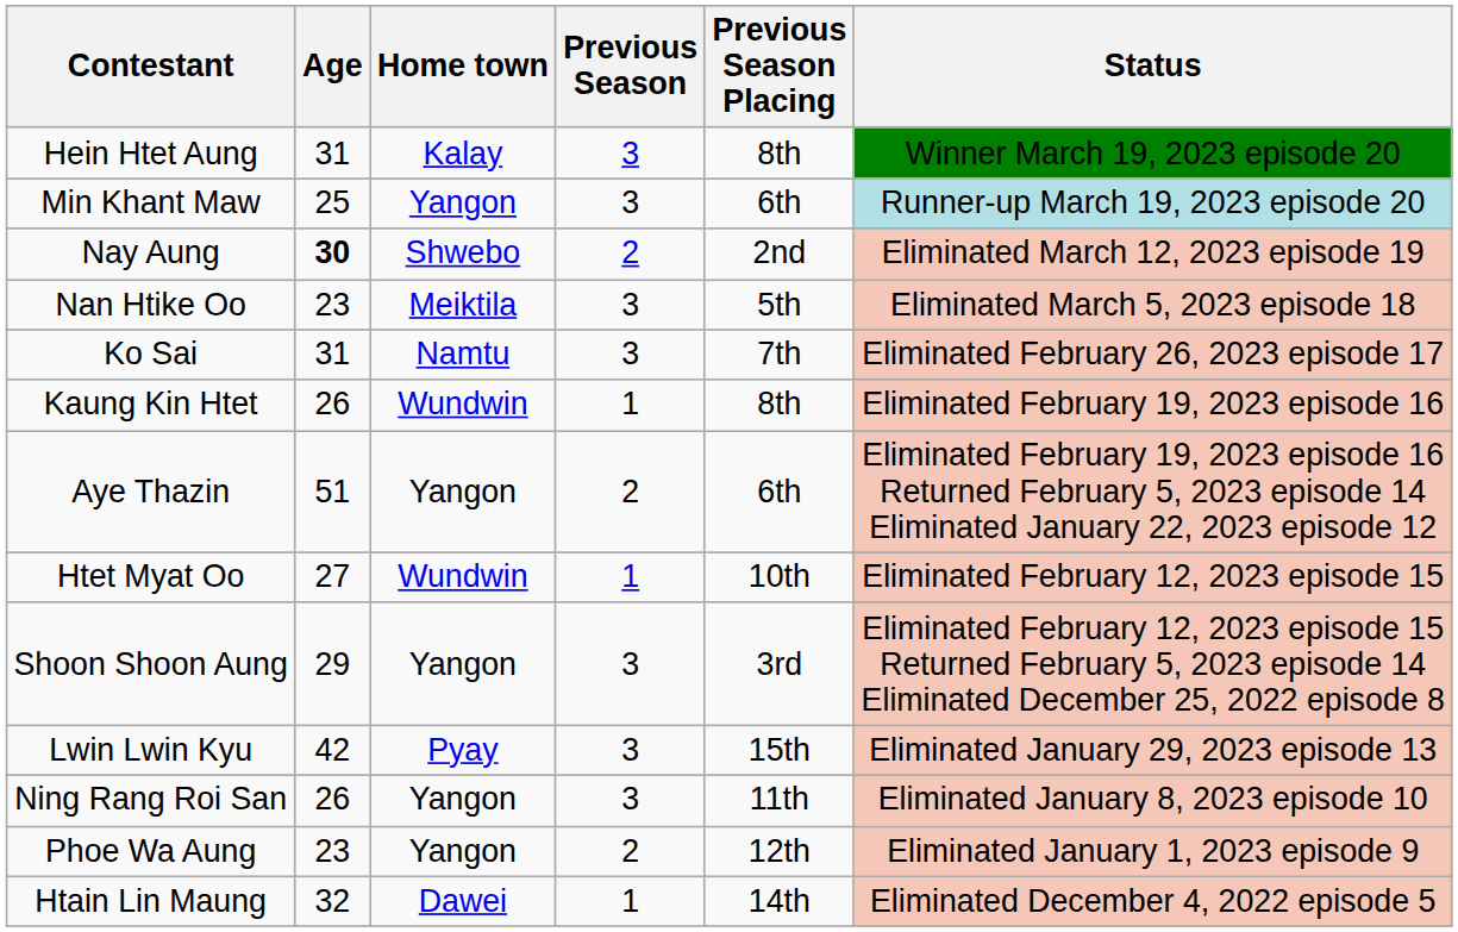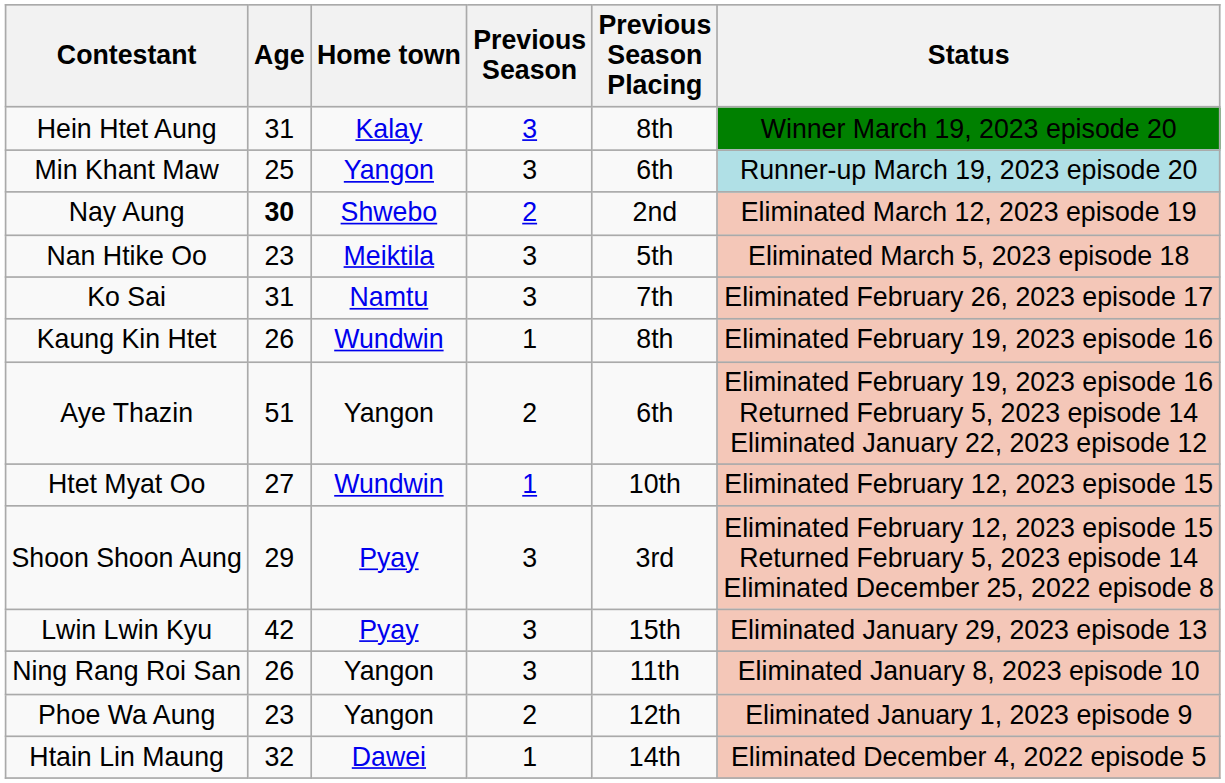 <table class= "wikitable sortable" style="text-align: center; margin:auto; align: center">
 <tr>
 <th>Contestant</th>
 <th>Age</th>
 <th>Home town</th>
 <th>Previous<br>Season</th>
 <th>Previous<br>Season<br>Placing</th>
 <th>Status</th>
 </tr>
 <tr>
 <td>Hein Htet Aung</td>
 <td>31</td>
 <td><a href='#'>Kalay</a></td>
 <td><a href='#'>3</a></td>
 <td>8th</td>
 <td style="background:green;"><span>Winner March 19, 2023 episode 20</span></td>
 </tr>
 <tr>
 <td>Min Khant Maw</td>
 <td>25</td>
 <td><a href='#'>Yangon</a></td>
 <td>3</td>
 <td>6th</td>
 <td style="background:#B0E0E6;">Runner-up March 19, 2023 episode 20</td>
 </tr>
 <tr>
 <td>Nay Aung</td>
 <td><strong>30</strong></td>
 <td><a href='#'>Shwebo</a></td>
 <td><a href='#'>2</a></td>
 <td>2nd</td>
 <td bgcolor="#F4C7B8">Eliminated March 12, 2023 episode 19</td>
 </tr>
 <tr>
 <td>Nan Htike Oo</td>
 <td>23</td>
 <td><a href='#'>Meiktila</a></td>
 <td>3</td>
 <td>5th</td>
 <td bgcolor="#F4C7B8">Eliminated March 5, 2023 episode 18</td>
 </tr>
 <tr>
 <td>Ko Sai</td>
 <td>31</td>
 <td><a href='#'>Namtu</a></td>
 <td>3</td>
 <td>7th</td>
 <td bgcolor="#F4C7B8">Eliminated February 26, 2023 episode 17</td>
 </tr>
 <tr>
 <td>Kaung Kin Htet</td>
 <td>26</td>
 <td><a href='#'>Wundwin</a></td>
 <td>1</td>
 <td>8th</td>
 <td bgcolor="#F4C7B8">Eliminated February 19, 2023 episode 16</td>
 </tr>
 <tr>
 <td>Aye Thazin</td>
 <td>51</td>
 <td>Yangon</td>
 <td>2</td>
 <td>6th</td>
 <td bgcolor="#F4C7B8">Eliminated February 19, 2023 episode 16<br>Returned February 5, 2023 episode 14<br>Eliminated January 22, 2023 episode 12</td>
 </tr>
 <tr>
 <td>Htet Myat Oo</td>
 <td>27</td>
 <td><a href='#'>Wundwin</a></td>
 <td><a href='#'>1</a></td>
 <td>10th</td>
 <td bgcolor="#F4C7B8">Eliminated February 12, 2023 episode 15</td>
 </tr>
 <tr>
 <td>Shoon Shoon Aung</td>
 <td>29</td>
-<td>Yangon</td>
+<td><a href='#'>Pyay</a></td>
 <td>3</td>
 <td>3rd</td>
 <td bgcolor="#F4C7B8">Eliminated February 12, 2023 episode 15<br>Returned February 5, 2023 episode 14<br>Eliminated December 25, 2022 episode 8</td>
 </tr>
 <tr>
 <td>Lwin Lwin Kyu</td>
 <td>42</td>
 <td><a href='#'>Pyay</a></td>
 <td>3</td>
 <td>15th</td>
 <td bgcolor="#F4C7B8">Eliminated January 29, 2023 episode 13</td>
 </tr>
 <tr>
 <td>Ning Rang Roi San</td>
 <td>26</td>
 <td>Yangon</td>
 <td>3</td>
 <td>11th</td>
 <td bgcolor="#F4C7B8">Eliminated January 8, 2023 episode 10</td>
 </tr>
 <tr>
 <td>Phoe Wa Aung</td>
 <td>23</td>
 <td>Yangon</td>
 <td>2</td>
 <td>12th</td>
 <td bgcolor="#F4C7B8">Eliminated January 1, 2023 episode 9</td>
 </tr>
 <tr>
 <td>Htain Lin Maung</td>
 <td>32</td>
 <td><a href='#'>Dawei</a></td>
 <td>1</td>
 <td>14th</td>
 <td bgcolor="#F4C7B8">Eliminated December 4, 2022 episode 5</td>
 </tr>
 </table>
